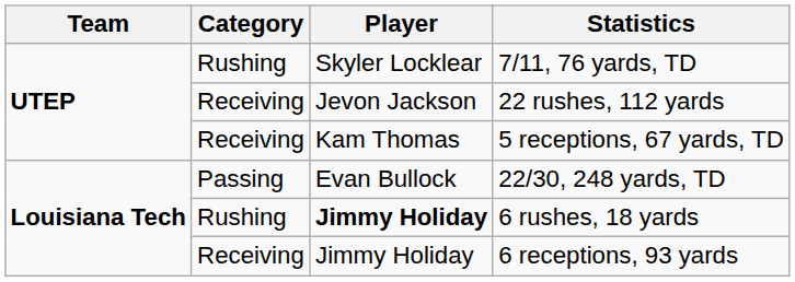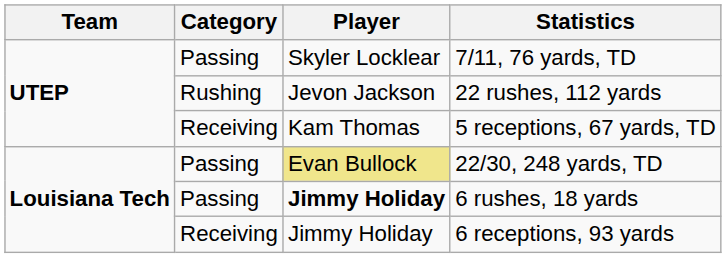 <table class="wikitable" style="float: right;">
 <tr>
 <th>Team</th>
 <th>Category</th>
 <th>Player</th>
 <th>Statistics</th>
 </tr>
 <tr>
 <td rowspan=3><strong>UTEP</strong></td>
-<td>Rushing</td>
+<td>Passing</td>
 <td>Skyler Locklear</td>
 <td>7/11, 76 yards, TD</td>
 </tr>
 <tr>
-<td>Receiving</td>
+<td>Rushing</td>
 <td>Jevon Jackson</td>
 <td>22 rushes, 112 yards</td>
 </tr>
 <tr>
 <td>Receiving</td>
 <td>Kam Thomas</td>
 <td>5 receptions, 67 yards, TD</td>
 </tr>
 <tr>
 <td rowspan=3><strong>Louisiana Tech</strong></td>
 <td>Passing</td>
-<td>Evan Bullock</td>
+<td style="background: khaki;">Evan Bullock</td>
 <td>22/30, 248 yards, TD</td>
 </tr>
 <tr>
-<td>Rushing</td>
+<td>Passing</td>
 <td><strong>Jimmy Holiday</strong></td>
 <td>6 rushes, 18 yards</td>
 </tr>
 <tr>
 <td>Receiving</td>
 <td>Jimmy Holiday</td>
 <td>6 receptions, 93 yards</td>
 </tr>
 </table>
